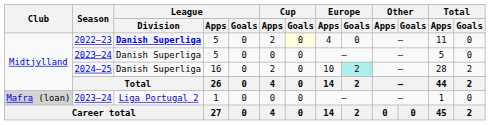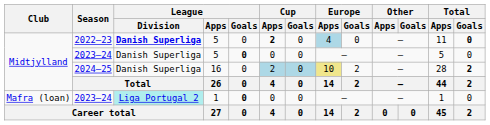 <table class="wikitable" style="text-align:center">
 <tr>
 <th rowspan="2">Club</th>
 <th rowspan="2">Season</th>
 <th colspan="3">League</th>
 <th colspan="2">Cup</th>
 <th colspan="2">Europe</th>
 <th colspan="2">Other</th>
 <th colspan="2">Total</th>
 </tr>
 <tr>
 <th>Division</th>
 <th>Apps</th>
 <th>Goals</th>
 <th>Apps</th>
 <th>Goals</th>
 <th>Apps</th>
 <th>Goals</th>
 <th>Apps</th>
 <th>Goals</th>
 <th>Apps</th>
 <th>Goals</th>
 </tr>
 <tr>
 <td rowspan="4"><a href='#'>Midtjylland</a></td>
 <td><a href='#'>2022–23</a></td>
 <td><strong><a href='#'>Danish Superliga</a></strong></td>
 <td>5</td>
 <td>0</td>
-<td>2</td>
-<td style="background: lightyellow;">0</td>
-<td>4</td>
+<td><strong>2</strong></td>
+<td>0</td>
+<td style="background: lightblue;">4</td>
 <td>0</td>
 <td colspan="2">—</td>
 <td>11</td>
-<td>0</td>
+<td><strong>0</strong></td>
 </tr>
 <tr>
 <td><a href='#'>2023–24</a></td>
 <td>Danish Superliga</td>
 <td>5</td>
-<td>0</td>
+<td><strong>0</strong></td>
 <td>0</td>
 <td>0</td>
 <td colspan="2">—</td>
 <td colspan="2">—</td>
 <td>5</td>
 <td>0</td>
 </tr>
 <tr>
 <td><a href='#'>2024–25</a></td>
 <td>Danish Superliga</td>
 <td>16</td>
 <td>0</td>
+<td style="background: lightblue;">2</td>
+<td style="background: lightblue;">0</td>
+<td style="background: khaki;">10</td>
 <td>2</td>
-<td>0</td>
-<td>10</td>
-<td style="background: paleturquoise;">2</td>
 <td colspan="2">—</td>
 <td>28</td>
-<td>2</td>
+<td><strong>2</strong></td>
 </tr>
 <tr>
 <th colspan="2">Total</th>
 <th>26</th>
 <th>0</th>
 <th>4</th>
 <th>0</th>
 <th>14</th>
 <th>2</th>
 <th colspan="2">—</th>
 <th>44</th>
 <th>2</th>
 </tr>
 <tr>
-<td style="background: lightgrey;"><a href='#'>Mafra</a> (loan)</td>
+<td><a href='#'>Mafra</a> (loan)</td>
 <td><a href='#'>2023–24</a></td>
-<td><a href='#'>Liga Portugal 2</a></td>
+<td style="background: paleturquoise;"><a href='#'>Liga Portugal 2</a></td>
 <td>1</td>
-<td>0</td>
+<td><strong>0</strong></td>
 <td>0</td>
 <td>0</td>
 <td colspan="2">—</td>
 <td colspan="2">—</td>
 <td>1</td>
 <td>0</td>
 </tr>
 <tr>
 <th colspan="3">Career total</th>
 <th>27</th>
 <th>0</th>
 <th>4</th>
 <th>0</th>
 <th>14</th>
 <th>2</th>
 <th>0</th>
 <th>0</th>
 <th>45</th>
 <th>2</th>
 </tr>
 </table>
